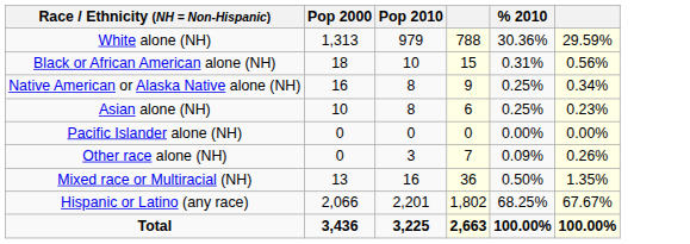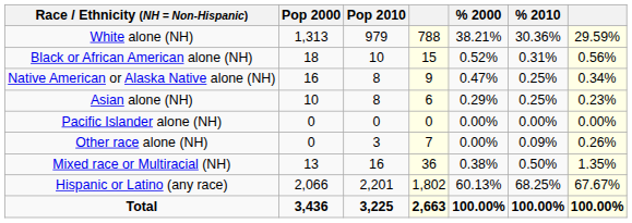 <table class="wikitable" style="text-align:center;">
 <tr>
 <th>Race / Ethnicity <small>(<em>NH = Non-Hispanic</em>)</small></th>
 <th>Pop 2000</th>
 <th>Pop 2010</th>
 <th></th>
+<th>% 2000</th>
 <th>% 2010</th>
 <th></th>
 </tr>
 <tr>
 <td><a href='#'>White</a> alone (NH)</td>
 <td>1,313</td>
 <td>979</td>
 <td style='background: #ffffe6;'>788</td>
+<td>38.21%</td>
 <td>30.36%</td>
 <td style='background: #ffffe6;'>29.59%</td>
 </tr>
 <tr>
 <td><a href='#'>Black or African American</a> alone (NH)</td>
 <td>18</td>
 <td>10</td>
 <td style='background: #ffffe6;'>15</td>
+<td>0.52%</td>
 <td>0.31%</td>
 <td style='background: #ffffe6;'>0.56%</td>
 </tr>
 <tr>
 <td><a href='#'>Native American</a> or <a href='#'>Alaska Native</a> alone (NH)</td>
 <td>16</td>
 <td>8</td>
 <td style='background: #ffffe6;'>9</td>
+<td>0.47%</td>
 <td>0.25%</td>
 <td style='background: #ffffe6;'>0.34%</td>
 </tr>
 <tr>
 <td><a href='#'>Asian</a> alone (NH)</td>
 <td>10</td>
 <td>8</td>
 <td style='background: #ffffe6;'>6</td>
+<td>0.29%</td>
 <td>0.25%</td>
 <td style='background: #ffffe6;'>0.23%</td>
 </tr>
 <tr>
 <td><a href='#'>Pacific Islander</a> alone (NH)</td>
 <td>0</td>
 <td>0</td>
 <td style='background: #ffffe6;'>0</td>
 <td>0.00%</td>
+<td>0.00%</td>
 <td style='background: #ffffe6;'>0.00%</td>
 </tr>
 <tr>
 <td><a href='#'>Other race</a> alone (NH)</td>
 <td>0</td>
 <td>3</td>
 <td style='background: #ffffe6;'>7</td>
+<td>0.00%</td>
 <td>0.09%</td>
 <td style='background: #ffffe6;'>0.26%</td>
 </tr>
 <tr>
 <td><a href='#'>Mixed race or Multiracial</a> (NH)</td>
 <td>13</td>
 <td>16</td>
 <td style='background: #ffffe6;'>36</td>
+<td>0.38%</td>
 <td>0.50%</td>
 <td style='background: #ffffe6;'>1.35%</td>
 </tr>
 <tr>
 <td><a href='#'>Hispanic or Latino</a> (any race)</td>
 <td>2,066</td>
 <td>2,201</td>
 <td style='background: #ffffe6;'>1,802</td>
+<td>60.13%</td>
 <td>68.25%</td>
 <td style='background: #ffffe6;'>67.67%</td>
 </tr>
 <tr>
 <td><strong>Total</strong></td>
 <td><strong>3,436</strong></td>
 <td><strong>3,225</strong></td>
 <td style='background: #ffffe6;'><strong>2,663</strong></td>
 <td><strong>100.00%</strong></td>
+<td><strong>100.00%</strong></td>
 <td style='background: #ffffe6;'><strong>100.00%</strong></td>
 </tr>
 </table>
